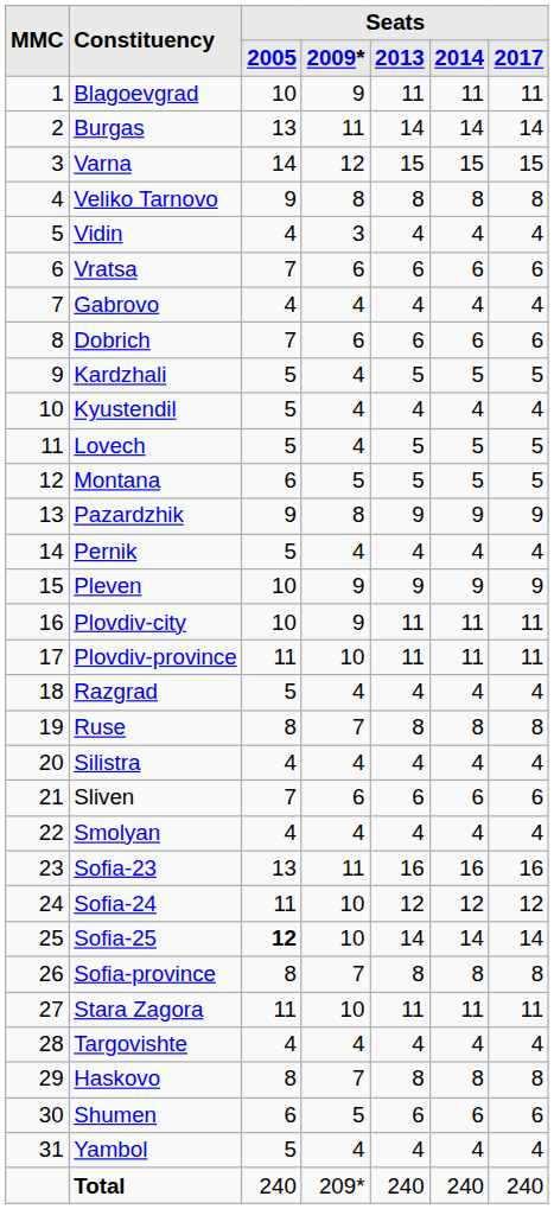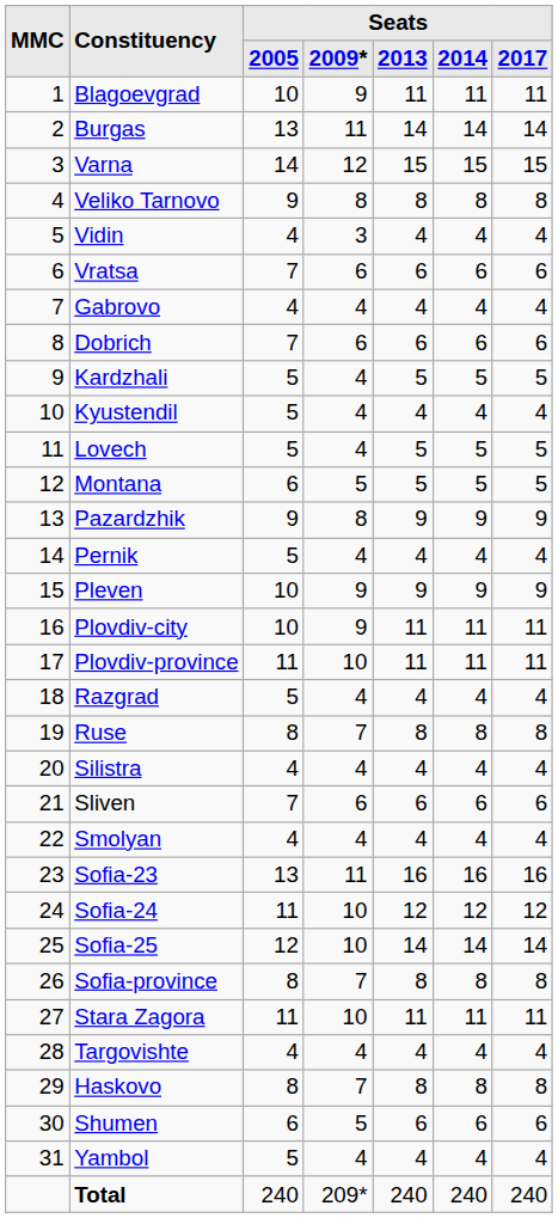 <table class="wikitable sortable" border="1">
 <tr --- bgcolor="#efefef">
 <td style="background-color:#E9E9E9" rowspan="2"><strong>MMC</strong></td>
 <td style="background-color:#E9E9E9" rowspan="2"><strong>Constituency</strong></td>
 <td style="background-color:#E9E9E9" colspan="5" align="center"><strong>Seats</strong></td>
 </tr>
 <tr>
 <td style="background-color:#E9E9E9"><strong><a href='#'>2005</a></strong></td>
 <td style="background-color:#E9E9E9"><strong><a href='#'>2009</a>*</strong></td>
 <td style="background-color:#E9E9E9"><strong><a href='#'>2013</a></strong></td>
 <td style="background-color:#E9E9E9"><strong><a href='#'>2014</a></strong></td>
 <td style="background-color:#E9E9E9"><strong><a href='#'>2017</a></strong></td>
 </tr>
 <tr>
 <td align="right">1</td>
 <td><a href='#'>Blagoevgrad</a></td>
 <td align="right">10</td>
 <td align="right">9</td>
 <td align="right">11</td>
 <td align="right">11</td>
 <td align="right">11</td>
 </tr>
 <tr>
 <td align="right">2</td>
 <td><a href='#'>Burgas</a></td>
 <td align="right">13</td>
 <td align="right">11</td>
 <td align="right">14</td>
 <td align="right">14</td>
 <td align="right">14</td>
 </tr>
 <tr>
 <td align="right">3</td>
 <td><a href='#'>Varna</a></td>
 <td align="right">14</td>
 <td align="right">12</td>
 <td align="right">15</td>
 <td align="right">15</td>
 <td align="right">15</td>
 </tr>
 <tr>
 <td align="right">4</td>
 <td><a href='#'>Veliko Tarnovo</a></td>
 <td align="right">9</td>
 <td align="right">8</td>
 <td align="right">8</td>
 <td align="right">8</td>
 <td align="right">8</td>
 </tr>
 <tr>
 <td align="right">5</td>
 <td><a href='#'>Vidin</a></td>
 <td align="right">4</td>
 <td align="right">3</td>
 <td align="right">4</td>
 <td align="right">4</td>
 <td align="right">4</td>
 </tr>
 <tr>
 <td align="right">6</td>
 <td><a href='#'>Vratsa</a></td>
 <td align="right">7</td>
 <td align="right">6</td>
 <td align="right">6</td>
 <td align="right">6</td>
 <td align="right">6</td>
 </tr>
 <tr>
 <td align="right">7</td>
 <td><a href='#'>Gabrovo</a></td>
 <td align="right">4</td>
 <td align="right">4</td>
 <td align="right">4</td>
 <td align="right">4</td>
 <td align="right">4</td>
 </tr>
 <tr>
 <td align="right">8</td>
 <td><a href='#'>Dobrich</a></td>
 <td align="right">7</td>
 <td align="right">6</td>
 <td align="right">6</td>
 <td align="right">6</td>
 <td align="right">6</td>
 </tr>
 <tr>
 <td align="right">9</td>
 <td><a href='#'>Kardzhali</a></td>
 <td align="right">5</td>
 <td align="right">4</td>
 <td align="right">5</td>
 <td align="right">5</td>
 <td align="right">5</td>
 </tr>
 <tr>
 <td align="right">10</td>
 <td><a href='#'>Kyustendil</a></td>
 <td align="right">5</td>
 <td align="right">4</td>
 <td align="right">4</td>
 <td align="right">4</td>
 <td align="right">4</td>
 </tr>
 <tr>
 <td align="right">11</td>
 <td><a href='#'>Lovech</a></td>
 <td align="right">5</td>
 <td align="right">4</td>
 <td align="right">5</td>
 <td align="right">5</td>
 <td align="right">5</td>
 </tr>
 <tr>
 <td align="right">12</td>
 <td><a href='#'>Montana</a></td>
 <td align="right">6</td>
 <td align="right">5</td>
 <td align="right">5</td>
 <td align="right">5</td>
 <td align="right">5</td>
 </tr>
 <tr>
 <td align="right">13</td>
 <td><a href='#'>Pazardzhik</a></td>
 <td align="right">9</td>
 <td align="right">8</td>
 <td align="right">9</td>
 <td align="right">9</td>
 <td align="right">9</td>
 </tr>
 <tr>
 <td align="right">14</td>
 <td><a href='#'>Pernik</a></td>
 <td align="right">5</td>
 <td align="right">4</td>
 <td align="right">4</td>
 <td align="right">4</td>
 <td align="right">4</td>
 </tr>
 <tr>
 <td align="right">15</td>
 <td><a href='#'>Pleven</a></td>
 <td align="right">10</td>
 <td align="right">9</td>
 <td align="right">9</td>
 <td align="right">9</td>
 <td align="right">9</td>
 </tr>
 <tr>
 <td align="right">16</td>
 <td><a href='#'>Plovdiv-city</a></td>
 <td align="right">10</td>
 <td align="right">9</td>
 <td align="right">11</td>
 <td align="right">11</td>
 <td align="right">11</td>
 </tr>
 <tr>
 <td align="right">17</td>
 <td><a href='#'>Plovdiv-province</a></td>
 <td align="right">11</td>
 <td align="right">10</td>
 <td align="right">11</td>
 <td align="right">11</td>
 <td align="right">11</td>
 </tr>
 <tr>
 <td align="right">18</td>
 <td><a href='#'>Razgrad</a></td>
 <td align="right">5</td>
 <td align="right">4</td>
 <td align="right">4</td>
 <td align="right">4</td>
 <td align="right">4</td>
 </tr>
 <tr>
 <td align="right">19</td>
 <td><a href='#'>Ruse</a></td>
 <td align="right">8</td>
 <td align="right">7</td>
 <td align="right">8</td>
 <td align="right">8</td>
 <td align="right">8</td>
 </tr>
 <tr>
 <td align="right">20</td>
 <td><a href='#'>Silistra</a></td>
 <td align="right">4</td>
 <td align="right">4</td>
 <td align="right">4</td>
 <td align="right">4</td>
 <td align="right">4</td>
 </tr>
 <tr>
 <td align="right">21</td>
 <td>Sliven</td>
 <td align="right">7</td>
 <td align="right">6</td>
 <td align="right">6</td>
 <td align="right">6</td>
 <td align="right">6</td>
 </tr>
 <tr>
 <td align="right">22</td>
 <td><a href='#'>Smolyan</a></td>
 <td align="right">4</td>
 <td align="right">4</td>
 <td align="right">4</td>
 <td align="right">4</td>
 <td align="right">4</td>
 </tr>
 <tr>
 <td align="right">23</td>
 <td><a href='#'>Sofia-23</a></td>
 <td align="right">13</td>
 <td align="right">11</td>
 <td align="right">16</td>
 <td align="right">16</td>
 <td align="right">16</td>
 </tr>
 <tr>
 <td align="right">24</td>
 <td><a href='#'>Sofia-24</a></td>
 <td align="right">11</td>
 <td align="right">10</td>
 <td align="right">12</td>
 <td align="right">12</td>
 <td align="right">12</td>
 </tr>
 <tr>
 <td align="right">25</td>
 <td><a href='#'>Sofia-25</a></td>
-<td align="right"><strong>12</strong></td>
+<td align="right">12</td>
 <td align="right">10</td>
 <td align="right">14</td>
 <td align="right">14</td>
 <td align="right">14</td>
 </tr>
 <tr>
 <td align="right">26</td>
 <td><a href='#'>Sofia-province</a></td>
 <td align="right">8</td>
 <td align="right">7</td>
 <td align="right">8</td>
 <td align="right">8</td>
 <td align="right">8</td>
 </tr>
 <tr>
 <td align="right">27</td>
 <td><a href='#'>Stara Zagora</a></td>
 <td align="right">11</td>
 <td align="right">10</td>
 <td align="right">11</td>
 <td align="right">11</td>
 <td align="right">11</td>
 </tr>
 <tr>
 <td align="right">28</td>
 <td><a href='#'>Targovishte</a></td>
 <td align="right">4</td>
 <td align="right">4</td>
 <td align="right">4</td>
 <td align="right">4</td>
 <td align="right">4</td>
 </tr>
 <tr>
 <td align="right">29</td>
 <td><a href='#'>Haskovo</a></td>
 <td align="right">8</td>
 <td align="right">7</td>
 <td align="right">8</td>
 <td align="right">8</td>
 <td align="right">8</td>
 </tr>
 <tr>
 <td align="right">30</td>
 <td><a href='#'>Shumen</a></td>
 <td align="right">6</td>
 <td align="right">5</td>
 <td align="right">6</td>
 <td align="right">6</td>
 <td align="right">6</td>
 </tr>
 <tr>
 <td align="right">31</td>
 <td><a href='#'>Yambol</a></td>
 <td align="right">5</td>
 <td align="right">4</td>
 <td align="right">4</td>
 <td align="right">4</td>
 <td align="right">4</td>
 </tr>
 <tr>
 <td align="right"></td>
 <td><strong>Total</strong></td>
 <td align="right">240</td>
 <td align="right">209*</td>
 <td align="right">240</td>
 <td align="right">240</td>
 <td align="right">240</td>
 </tr>
 </table>
